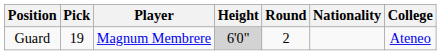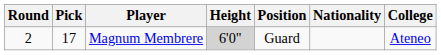 <table class="wikitable sortable sortable">
 <tr>
-<th>Position</th>
+<th>Round</th>
 <th>Pick</th>
 <th>Player</th>
 <th>Height</th>
-<th>Round</th>
+<th>Position</th>
 <th>Nationality</th>
 <th>College</th>
 </tr>
 <tr style="text-align: center">
-<td>Guard</td>
-<td>19</td>
+<td>2</td>
+<td>17</td>
 <td><a href='#'>Magnum Membrere</a></td>
 <td style="background: lightgrey;">6'0"</td>
-<td>2</td>
+<td>Guard</td>
 <td></td>
 <td><a href='#'>Ateneo</a></td>
 </tr>
 </table>
